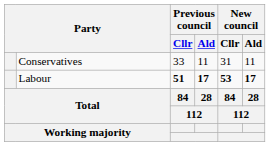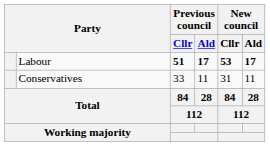 <table class="wikitable">
 <tr>
 <th colspan="2" rowspan="2" style="width: 230px">Party</th>
 <th valign=top colspan="2" style="width: 30px">Previous council</th>
 <th valign=top colspan="2" style="width: 30px">New council</th>
 </tr>
 <tr>
 <th><a href='#'>Cllr</a></th>
 <th><a href='#'>Ald</a></th>
 <th>Cllr</th>
 <th>Ald</th>
 </tr>
 <tr>
 <th style="background-color: "></th>
+<td>Labour</td>
+<td><strong>51</strong></td>
+<td><strong>17</strong></td>
+<td><strong>53</strong></td>
+<td><strong>17</strong></td>
+</tr>
+<tr>
+<th style="background-color: "></th>
 <td>Conservatives</td>
 <td>33</td>
 <td>11</td>
 <td>31</td>
 <td>11</td>
-</tr>
-<tr>
-<th style="background-color: "></th>
-<td>Labour</td>
-<td><strong>51</strong></td>
-<td><strong>17</strong></td>
-<td><strong>53</strong></td>
-<td><strong>17</strong></td>
 </tr>
 <tr>
 <th colspan="2" rowspan="2">Total</th>
 <th style="text-align: center">84</th>
 <th style="text-align: center">28</th>
 <th style="text-align: center">84</th>
 <th style="text-align: center">28</th>
 </tr>
 <tr>
 <th colspan="2" style="text-align: center">112</th>
 <th colspan="2" style="text-align: center">112</th>
 </tr>
 <tr>
 <th colspan="2" rowspan="2">Working majority</th>
 <th></th>
 <th></th>
 <th></th>
 <th></th>
 </tr>
 <tr>
 <th colspan="2"></th>
 <th colspan="2"></th>
 </tr>
 </table>
